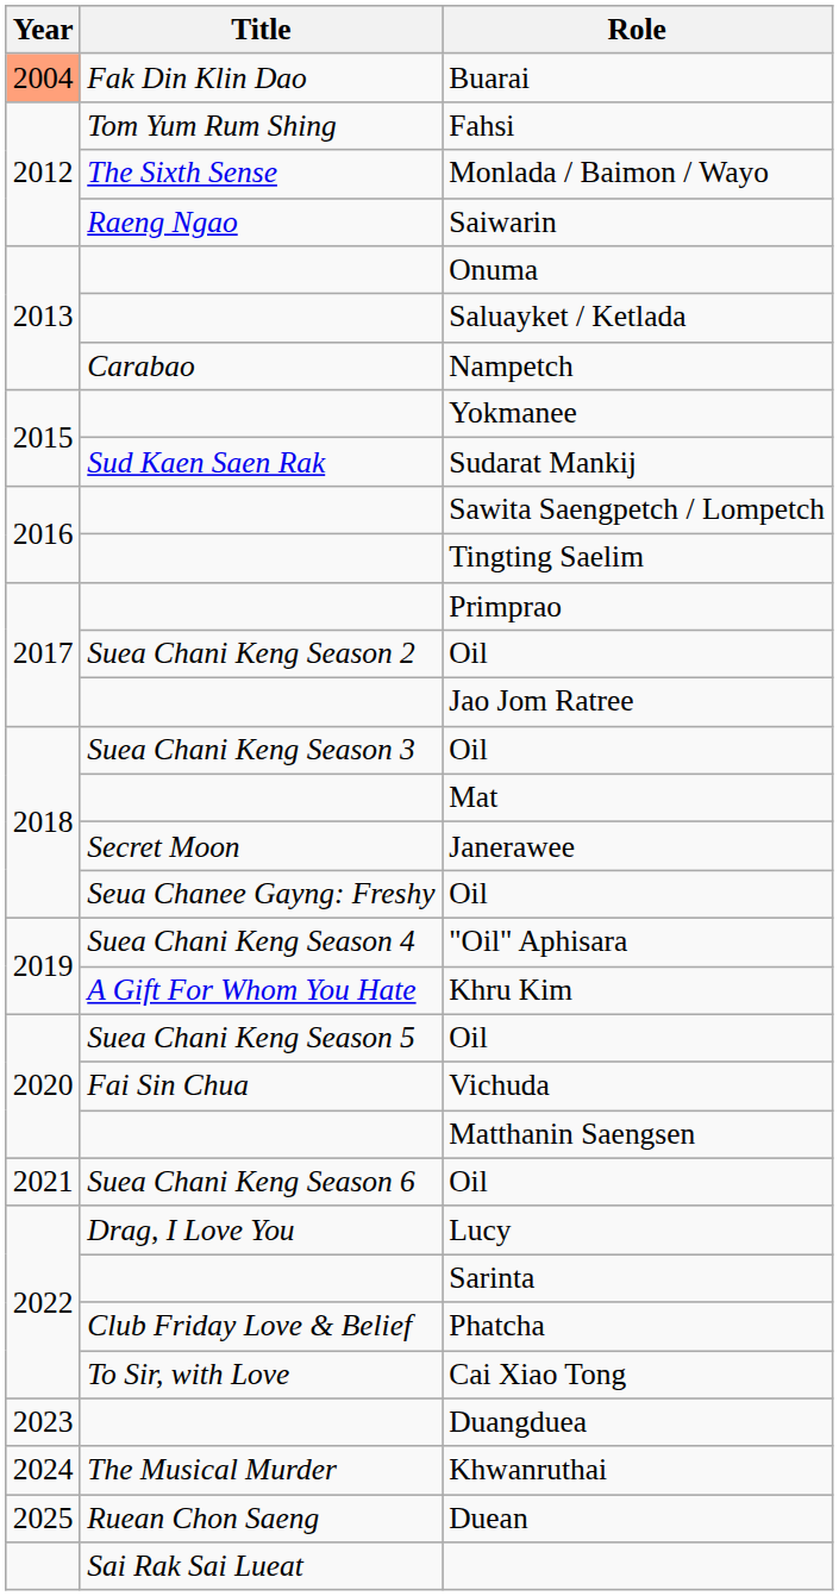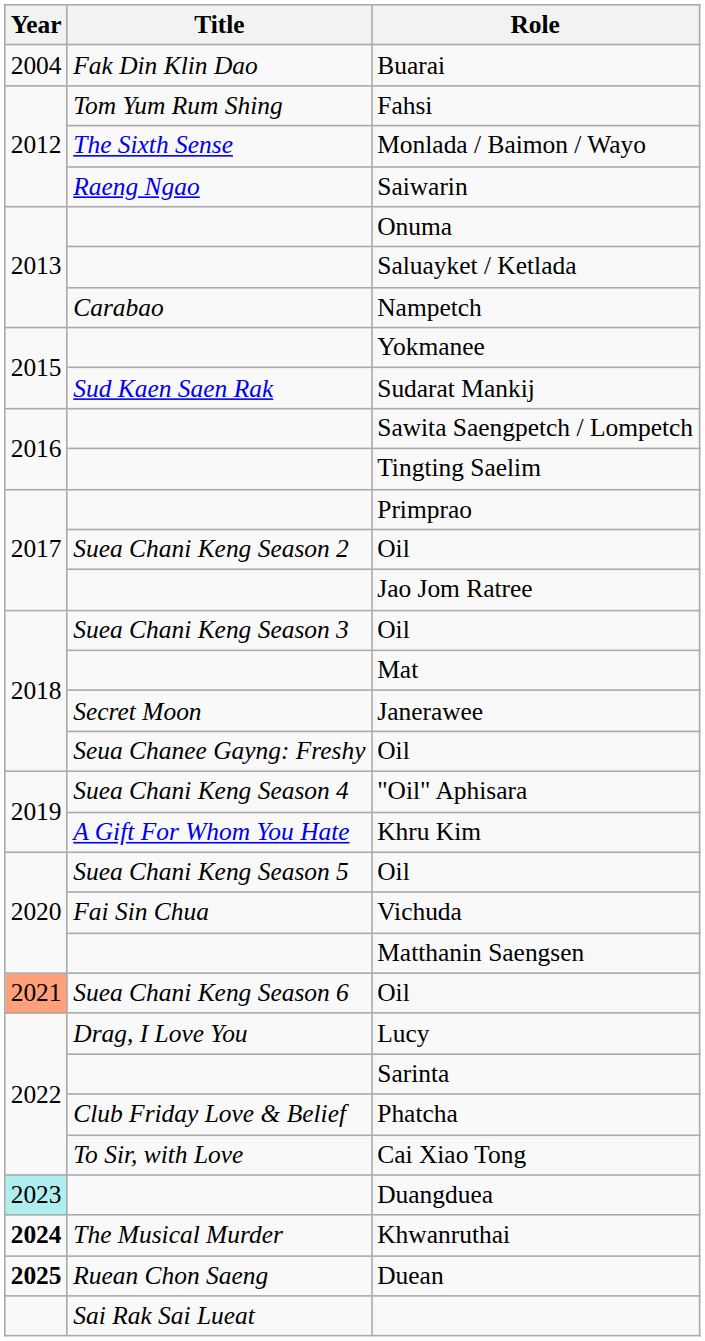 <table class="wikitable">
 <tr>
 <th>Year</th>
 <th>Title</th>
 <th>Role</th>
 </tr>
 <tr>
-<td style="background: lightsalmon;">2004</td>
+<td>2004</td>
 <td><em>Fak Din Klin Dao</em></td>
 <td>Buarai</td>
 </tr>
 <tr>
 <td rowspan="3">2012</td>
 <td><em>Tom Yum Rum Shing</em></td>
 <td>Fahsi</td>
 </tr>
 <tr>
 <td><em><a href='#'>The Sixth Sense</a></em></td>
 <td>Monlada / Baimon / Wayo</td>
 </tr>
 <tr>
 <td><em><a href='#'>Raeng Ngao</a></em></td>
 <td>Saiwarin</td>
 </tr>
 <tr>
 <td rowspan="3">2013</td>
 <td><em></em></td>
 <td>Onuma</td>
 </tr>
 <tr>
 <td><em></em></td>
 <td>Saluayket / Ketlada</td>
 </tr>
 <tr>
 <td><em>Carabao</em></td>
 <td>Nampetch</td>
 </tr>
 <tr>
 <td rowspan="2">2015</td>
 <td><em></em></td>
 <td>Yokmanee</td>
 </tr>
 <tr>
 <td><em><a href='#'>Sud Kaen Saen Rak</a></em></td>
 <td>Sudarat Mankij</td>
 </tr>
 <tr>
 <td rowspan="2">2016</td>
 <td><em></em></td>
 <td>Sawita Saengpetch / Lompetch</td>
 </tr>
 <tr>
 <td><em></em></td>
 <td>Tingting Saelim</td>
 </tr>
 <tr>
 <td rowspan="3">2017</td>
 <td><em></em></td>
 <td>Primprao</td>
 </tr>
 <tr>
 <td><em>Suea Chani Keng Season 2</em></td>
 <td>Oil</td>
 </tr>
 <tr>
 <td><em></em></td>
 <td>Jao Jom Ratree</td>
 </tr>
 <tr>
 <td rowspan="4">2018</td>
 <td><em>Suea Chani Keng Season 3</em></td>
 <td>Oil</td>
 </tr>
 <tr>
 <td><em></em></td>
 <td>Mat</td>
 </tr>
 <tr>
 <td><em>Secret Moon</em></td>
 <td>Janerawee</td>
 </tr>
 <tr>
 <td><em>Seua Chanee Gayng: Freshy</em></td>
 <td>Oil</td>
 </tr>
 <tr>
 <td rowspan="2">2019</td>
 <td><em>Suea Chani Keng Season 4</em></td>
 <td>"Oil" Aphisara</td>
 </tr>
 <tr>
 <td><em><a href='#'>A Gift For Whom You Hate</a></em></td>
 <td>Khru Kim</td>
 </tr>
 <tr>
 <td rowspan="3">2020</td>
 <td><em>Suea Chani Keng Season 5</em></td>
 <td>Oil</td>
 </tr>
 <tr>
 <td><em>Fai Sin Chua</em></td>
 <td>Vichuda</td>
 </tr>
 <tr>
 <td><em></em></td>
 <td>Matthanin Saengsen</td>
 </tr>
 <tr>
-<td>2021</td>
+<td style="background: lightsalmon;">2021</td>
 <td><em>Suea Chani Keng Season 6</em></td>
 <td>Oil</td>
 </tr>
 <tr>
 <td rowspan="4">2022</td>
 <td><em>Drag, I Love You</em></td>
 <td>Lucy</td>
 </tr>
 <tr>
 <td><em></em></td>
 <td>Sarinta</td>
 </tr>
 <tr>
 <td><em>Club Friday Love & Belief</em></td>
 <td>Phatcha</td>
 </tr>
 <tr>
 <td><em>To Sir, with Love</em></td>
 <td>Cai Xiao Tong</td>
 </tr>
 <tr>
-<td>2023</td>
+<td style="background: paleturquoise;">2023</td>
 <td><em></em></td>
 <td>Duangduea</td>
 </tr>
 <tr>
-<td>2024</td>
+<td><strong>2024</strong></td>
 <td><em>The Musical Murder</em></td>
 <td>Khwanruthai</td>
 </tr>
 <tr>
-<td>2025</td>
+<td><strong>2025</strong></td>
 <td><em>Ruean Chon Saeng</em></td>
 <td>Duean</td>
 </tr>
 <tr>
 <td></td>
 <td><em>Sai Rak Sai Lueat</em></td>
 </tr>
 </table>
